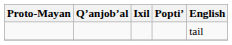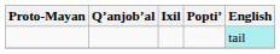 <table class="wikitable">
 <tr>
 <th>Proto-Mayan</th>
 <th>Qʼanjobʼal</th>
 <th>Ixil</th>
 <th>Poptiʼ</th>
 <th>English</th>
 </tr>
 <tr>
 <td></td>
 <td></td>
 <td></td>
 <td></td>
-<td>tail</td>
+<td style="background: paleturquoise;">tail</td>
 </tr>
 <tr>
 </tr>
 </table>
